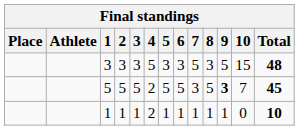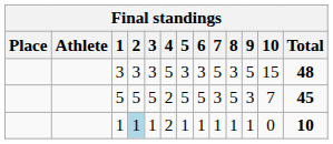 <table class=wikitable style="text-align:center">
 <tr>
 <th colspan=13><strong>Final standings</strong></th>
 </tr>
 <tr>
 <th>Place</th>
 <th>Athlete</th>
 <th>1</th>
 <th>2</th>
 <th>3</th>
 <th>4</th>
 <th>5</th>
 <th>6</th>
 <th>7</th>
 <th>8</th>
 <th>9</th>
 <th>10</th>
 <th>Total</th>
 </tr>
 <tr>
 <td width=30></td>
 <td align=left></td>
 <td>3</td>
 <td>3</td>
 <td>3</td>
 <td>5</td>
 <td>3</td>
 <td>3</td>
 <td>5</td>
 <td>3</td>
 <td>5</td>
 <td>15</td>
 <td><strong>48</strong></td>
 </tr>
 <tr>
 <td></td>
 <td align=left></td>
 <td>5</td>
 <td>5</td>
 <td>5</td>
 <td>2</td>
 <td>5</td>
 <td>5</td>
 <td>3</td>
 <td>5</td>
-<td><strong>3</strong></td>
+<td>3</td>
 <td>7</td>
 <td><strong>45</strong></td>
 </tr>
 <tr>
 <td></td>
 <td align=left></td>
 <td>1</td>
-<td>1</td>
+<td style="background: lightblue;">1</td>
 <td>1</td>
 <td>2</td>
 <td>1</td>
 <td>1</td>
 <td>1</td>
 <td>1</td>
 <td>1</td>
 <td>0</td>
 <td><strong>10</strong></td>
 </tr>
 </table>
